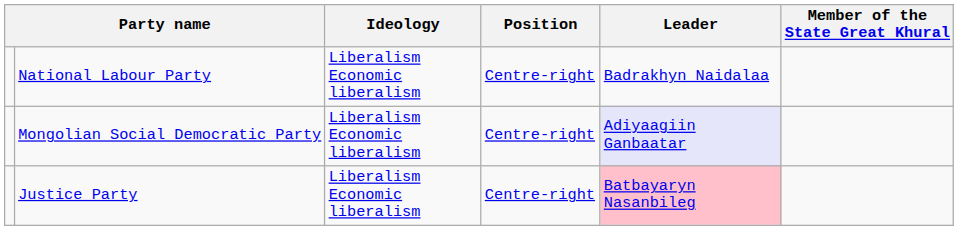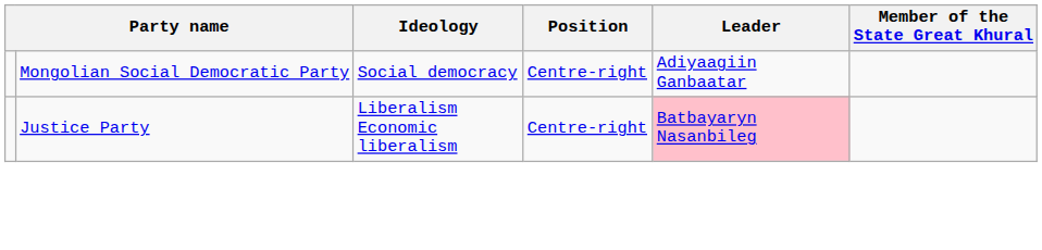 <table class="wikitable" style="font-size:95%;">
 <tr>
 <th style="width:200px" colspan="2">Party name</th>
 <th style="width:120px">Ideology</th>
 <th style="width:90px">Position</th>
 <th style="width:140px">Leader</th>
 <th>Member of the<br><a href='#'>State Great Khural</a></th>
 </tr>
 <tr>
 <td style="width:2px;background:"></td>
-<td><a href='#'>National Labour Party</a></td>
-<td><a href='#'>Liberalism</a><br><a href='#'>Economic liberalism</a></td>
+<td><a href='#'>Mongolian Social Democratic Party</a></td>
+<td><a href='#'>Social democracy</a></td>
 <td><a href='#'>Centre-right</a></td>
-<td><a href='#'>Badrakhyn Naidalaa</a></td>
-<td></td>
-</tr>
-<tr>
-<td style="width:2px;background:"></td>
-<td><a href='#'>Mongolian Social Democratic Party</a></td>
-<td><a href='#'>Liberalism</a><br><a href='#'>Economic liberalism</a></td>
-<td><a href='#'>Centre-right</a></td>
-<td style="background: lavender;"><a href='#'>Adiyaagiin Ganbaatar</a></td>
+<td><a href='#'>Adiyaagiin Ganbaatar</a></td>
 <td></td>
 </tr>
 <tr>
 <td style="width:2px;background:"></td>
 <td><a href='#'>Justice Party</a></td>
 <td><a href='#'>Liberalism</a><br><a href='#'>Economic liberalism</a></td>
 <td><a href='#'>Centre-right</a></td>
 <td style="background: pink;"><a href='#'>Batbayaryn Nasanbileg</a></td>
 <td></td>
 </tr>
 </table>
